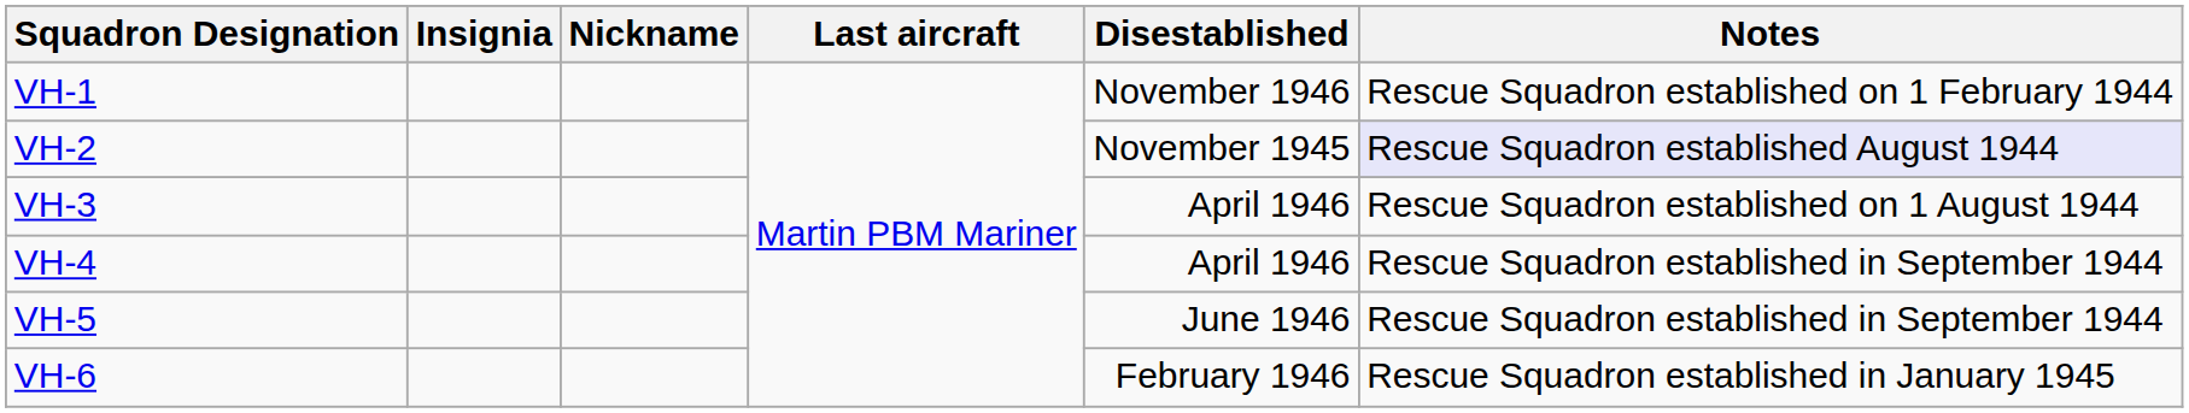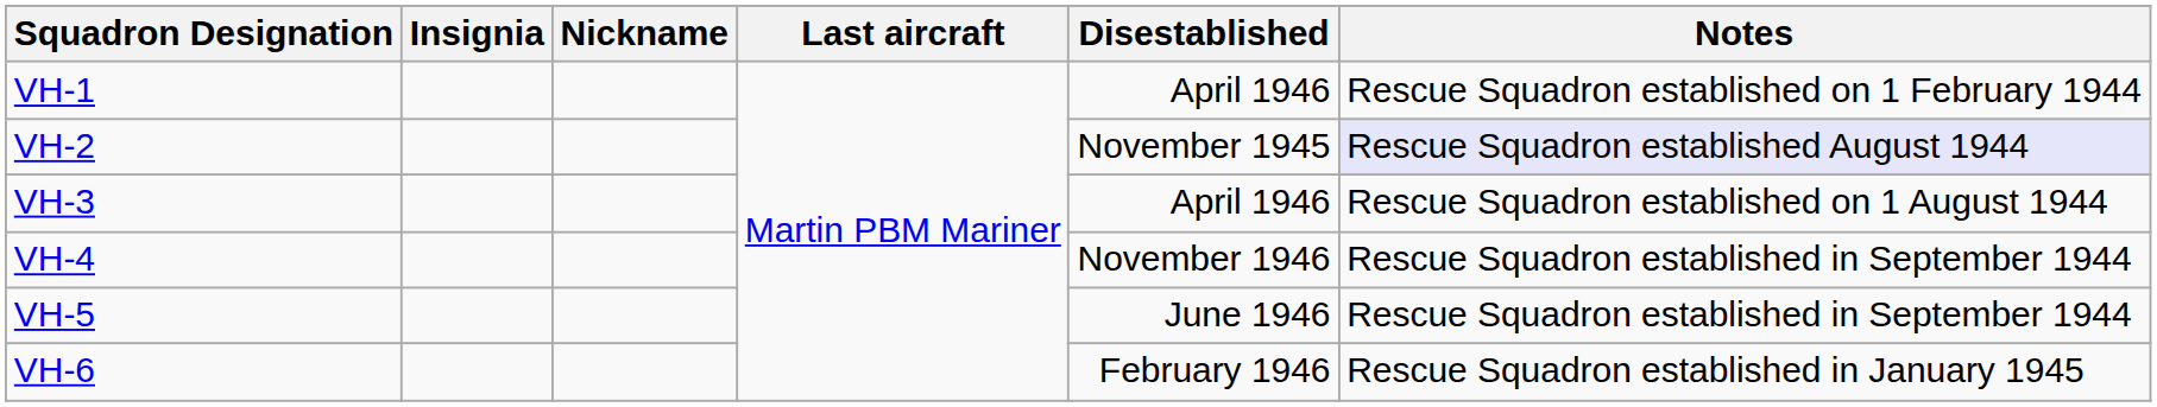 <table class="wikitable sortable">
 <tr>
 <th>Squadron Designation</th>
 <th>Insignia</th>
 <th>Nickname</th>
 <th>Last aircraft</th>
 <th>Disestablished</th>
 <th>Notes</th>
 </tr>
 <tr>
 <td><a href='#'>VH-1</a></td>
 <td></td>
 <td></td>
 <td rowspan="6"><a href='#'>Martin PBM Mariner</a></td>
-<td style="text-align:right;">November 1946</td>
+<td style="text-align:right;">April 1946</td>
 <td>Rescue Squadron established on 1 February 1944</td>
 </tr>
 <tr>
 <td><a href='#'>VH-2</a></td>
 <td></td>
 <td></td>
 <td style="text-align:right;">November 1945</td>
 <td style="background: lavender;">Rescue Squadron established August 1944</td>
 </tr>
 <tr>
 <td><a href='#'>VH-3</a></td>
 <td></td>
 <td></td>
 <td style="text-align:right;">April 1946</td>
 <td>Rescue Squadron established on 1 August 1944</td>
 </tr>
 <tr>
 <td><a href='#'>VH-4</a></td>
 <td></td>
 <td></td>
-<td style="text-align:right;">April 1946</td>
+<td style="text-align:right;">November 1946</td>
 <td>Rescue Squadron established in September 1944</td>
 </tr>
 <tr>
 <td><a href='#'>VH-5</a></td>
 <td></td>
 <td></td>
 <td style="text-align:right;">June 1946</td>
 <td>Rescue Squadron established in September 1944</td>
 </tr>
 <tr>
 <td><a href='#'>VH-6</a></td>
 <td></td>
 <td></td>
 <td style="text-align:right;">February 1946</td>
 <td>Rescue Squadron established in January 1945</td>
 </tr>
 </table>
